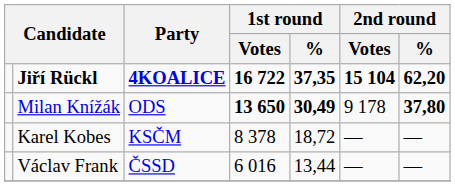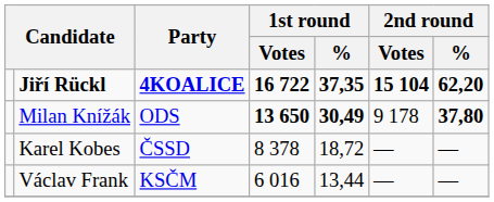 <table class="wikitable sortable">
 <tr>
 <th colspan="2" rowspan="2">Candidate</th>
 <th rowspan="2">Party</th>
 <th colspan="2">1st round</th>
 <th colspan="2">2nd round</th>
 </tr>
 <tr>
 <th>Votes</th>
 <th>%</th>
 <th>Votes</th>
 <th>%</th>
 </tr>
 <tr>
 <td style="background-color:"></td>
 <td><strong>Jiří Rückl</strong></td>
 <td><a href='#'><strong>4KOALICE</strong></a></td>
 <td><strong>16 722</strong></td>
 <td><strong>37,35</strong></td>
 <td><strong>15 104</strong></td>
 <td><strong>62,20</strong></td>
 </tr>
 <tr>
 <td style="background-color:"></td>
 <td><a href='#'>Milan Knížák</a></td>
 <td><a href='#'>ODS</a></td>
 <td><strong>13 650</strong></td>
 <td><strong>30,49</strong></td>
 <td>9 178</td>
 <td><strong>37,80</strong></td>
 </tr>
 <tr>
 <td style="background-color:"></td>
 <td>Karel Kobes</td>
-<td><a href='#'>KSČM</a></td>
+<td><a href='#'>ČSSD</a></td>
 <td>8 378</td>
 <td>18,72</td>
 <td>—</td>
 <td>—</td>
 </tr>
 <tr>
 <td style="background-color:"></td>
 <td>Václav Frank</td>
-<td><a href='#'>ČSSD</a></td>
+<td><a href='#'>KSČM</a></td>
 <td>6 016</td>
 <td>13,44</td>
 <td>—</td>
 <td>—</td>
 </tr>
 <tr>
 </tr>
 </table>
